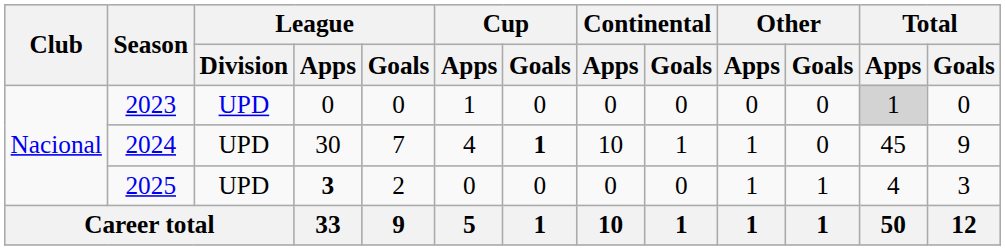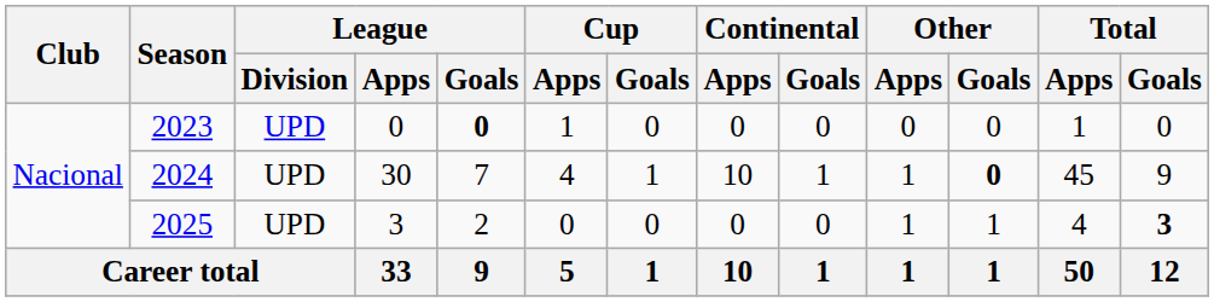 <table class="wikitable" style="text-align: center;">
 <tr>
 <th rowspan="2">Club</th>
 <th rowspan="2">Season</th>
 <th colspan="3">League</th>
 <th colspan="2">Cup</th>
 <th colspan="2">Continental</th>
 <th colspan="2">Other</th>
 <th colspan="2">Total</th>
 </tr>
 <tr>
 <th>Division</th>
 <th>Apps</th>
 <th>Goals</th>
 <th>Apps</th>
 <th>Goals</th>
 <th>Apps</th>
 <th>Goals</th>
 <th>Apps</th>
 <th>Goals</th>
 <th>Apps</th>
 <th>Goals</th>
 </tr>
 <tr>
 <td rowspan="3"><a href='#'>Nacional</a></td>
 <td><a href='#'>2023</a></td>
 <td><a href='#'>UPD</a></td>
 <td>0</td>
-<td>0</td>
+<td><strong>0</strong></td>
 <td>1</td>
 <td>0</td>
 <td>0</td>
 <td>0</td>
 <td>0</td>
 <td>0</td>
-<td style="background: lightgrey;">1</td>
+<td>1</td>
 <td>0</td>
 </tr>
 <tr>
 <td><a href='#'>2024</a></td>
 <td>UPD</td>
 <td>30</td>
 <td>7</td>
 <td>4</td>
-<td><strong>1</strong></td>
+<td>1</td>
 <td>10</td>
 <td>1</td>
 <td>1</td>
-<td>0</td>
+<td><strong>0</strong></td>
 <td>45</td>
 <td>9</td>
 </tr>
 <tr>
 <td><a href='#'>2025</a></td>
 <td>UPD</td>
-<td><strong>3</strong></td>
+<td>3</td>
 <td>2</td>
 <td>0</td>
 <td>0</td>
 <td>0</td>
 <td>0</td>
 <td>1</td>
 <td>1</td>
 <td>4</td>
-<td>3</td>
+<td><strong>3</strong></td>
 </tr>
 <tr>
 <th colspan="3">Career total</th>
 <th>33</th>
 <th>9</th>
 <th>5</th>
 <th>1</th>
 <th>10</th>
 <th>1</th>
 <th>1</th>
 <th>1</th>
 <th>50</th>
 <th>12</th>
 </tr>
 </table>
